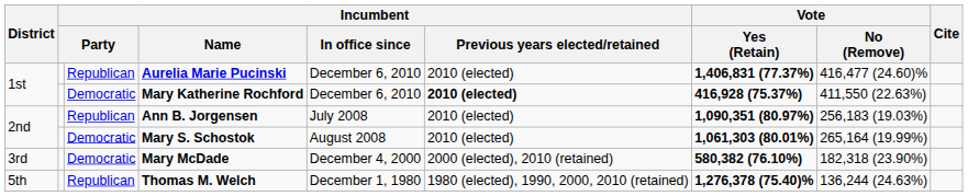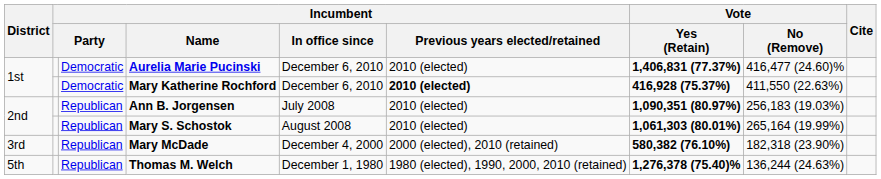 <table class="wikitable">
 <tr>
 <th rowspan =2>District</th>
 <th colspan=5>Incumbent</th>
 <th colspan="2">Vote</th>
 <th rowspan =2>Cite</th>
 </tr>
 <tr>
 <th colspan="2">Party</th>
 <th>Name</th>
 <th>In office since</th>
 <th>Previous years elected/retained</th>
 <th>Yes<br>(Retain)</th>
 <th>No<br>(Remove)</th>
 </tr>
 <tr>
 <td rowspan=2>1st</td>
 <td style="background-color:"></td>
-<td><a href='#'>Republican</a></td>
+<td><a href='#'>Democratic</a></td>
 <td><strong><a href='#'>Aurelia Marie Pucinski</a></strong></td>
 <td>December 6, 2010</td>
 <td>2010 (elected)</td>
 <td><strong>1,406,831 (77.37%)</strong></td>
 <td>416,477 (24.60)%</td>
 <td></td>
 </tr>
 <tr>
 <td style="background-color:"></td>
 <td><a href='#'>Democratic</a></td>
 <td><strong>Mary Katherine Rochford</strong></td>
 <td>December 6, 2010</td>
 <td><strong>2010 (elected)</strong></td>
 <td><strong>416,928 (75.37%)</strong></td>
 <td>411,550 (22.63%)</td>
 <td></td>
 </tr>
 <tr>
 <td rowspan=2>2nd</td>
 <td style="background-color:"></td>
 <td><a href='#'>Republican</a></td>
 <td><strong>Ann B. Jorgensen</strong></td>
 <td>July 2008</td>
 <td>2010 (elected)</td>
 <td><strong>1,090,351 (80.97%)</strong></td>
 <td>256,183 (19.03%)</td>
 <td></td>
 </tr>
 <tr>
 <td style="background-color:"></td>
-<td><a href='#'>Democratic</a></td>
+<td><a href='#'>Republican</a></td>
 <td><strong>Mary S. Schostok</strong></td>
 <td>August 2008</td>
 <td>2010 (elected)</td>
 <td><strong>1,061,303 (80.01%)</strong></td>
 <td>265,164 (19.99%)</td>
 <td></td>
 </tr>
 <tr>
 <td>3rd</td>
 <td style="background-color:"></td>
-<td><a href='#'>Democratic</a></td>
+<td><a href='#'>Republican</a></td>
 <td><strong>Mary McDade</strong></td>
 <td>December 4, 2000</td>
 <td>2000 (elected), 2010 (retained)</td>
 <td><strong>580,382 (76.10%)</strong></td>
 <td>182,318 (23.90%)</td>
 <td><br></td>
 </tr>
 <tr>
 <td>5th</td>
 <td style="background-color:"></td>
 <td><a href='#'>Republican</a></td>
 <td><strong>Thomas M. Welch</strong></td>
 <td>December 1, 1980</td>
 <td>1980 (elected), 1990, 2000, 2010 (retained)</td>
 <td><strong>1,276,378 (75.40)%</strong></td>
 <td>136,244 (24.63%)</td>
 <td></td>
 </tr>
 </table>
